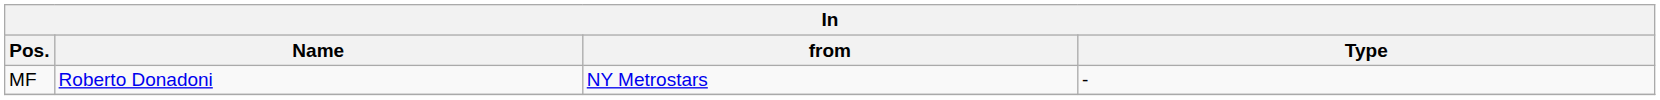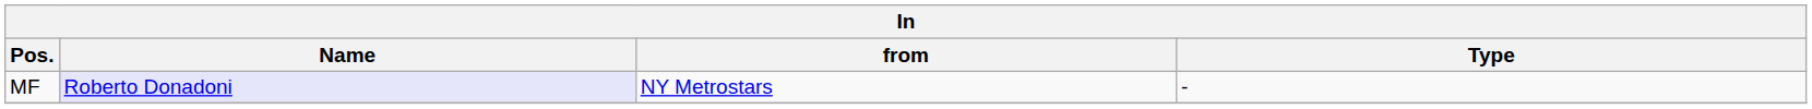 <table class="wikitable" style="font-size:90%;width:99%;">
 <tr>
 <th colspan="4">In</th>
 </tr>
 <tr>
 <th width=3%>Pos.</th>
 <th width=32%>Name</th>
 <th width=30%>from</th>
 <th width=35%>Type</th>
 </tr>
 <tr>
 <td>MF</td>
-<td><a href='#'>Roberto Donadoni</a></td>
+<td style="background: lavender;"><a href='#'>Roberto Donadoni</a></td>
 <td><a href='#'>NY Metrostars</a></td>
 <td>-</td>
 </tr>
 <tr>
 </tr>
 </table>
